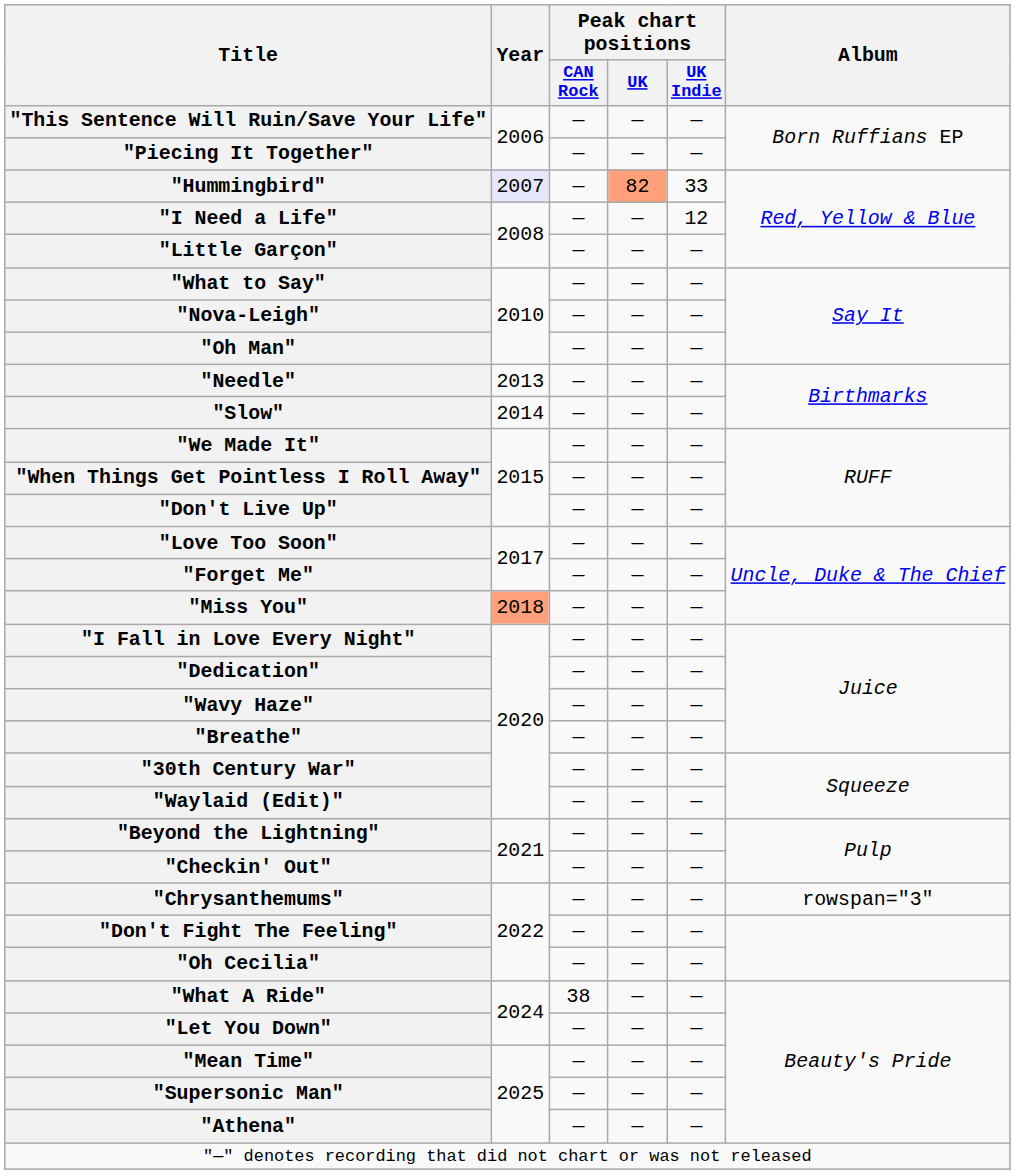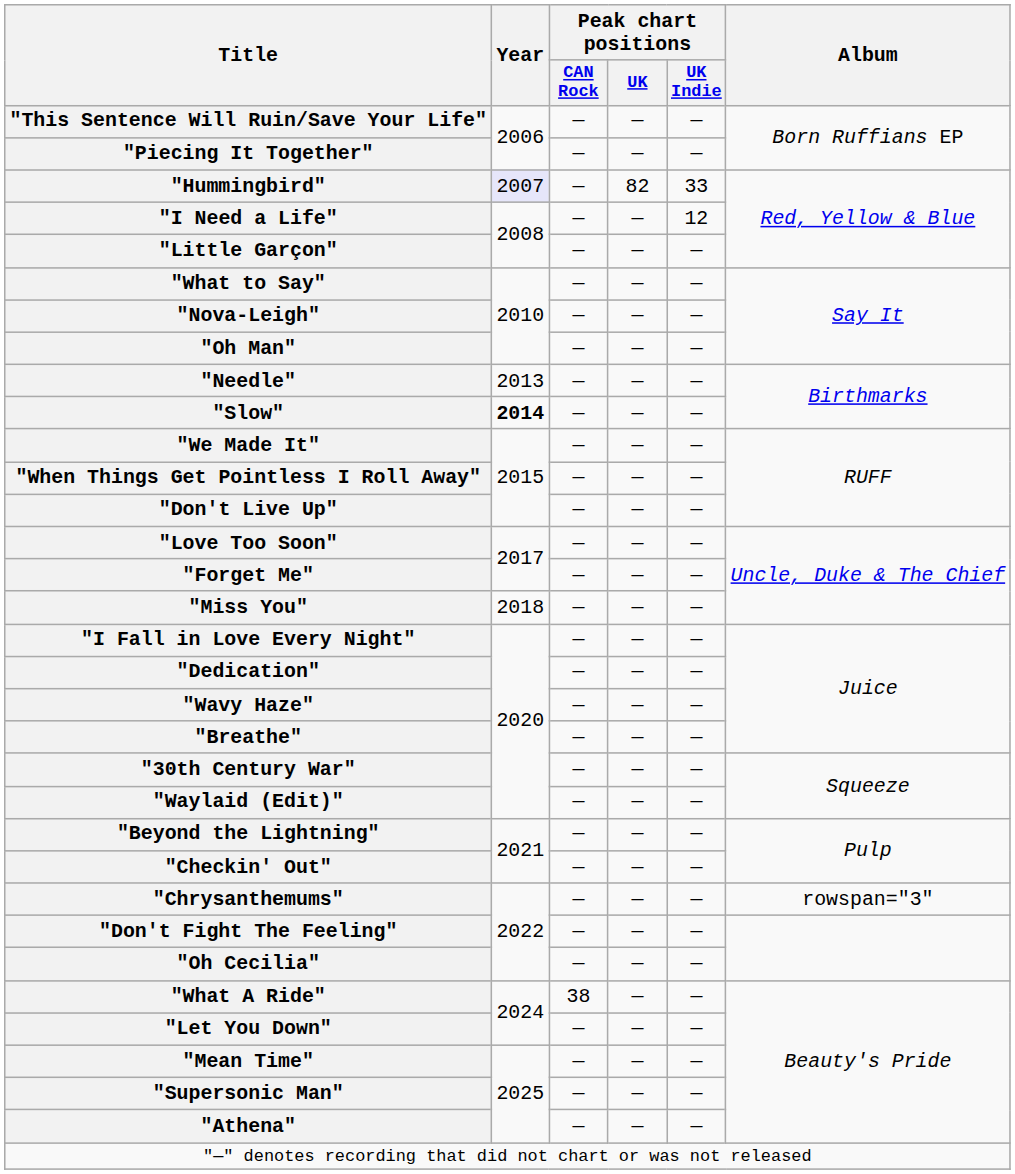 <table class="wikitable plainrowheaders" style="text-align:center;">
 <tr>
 <th scope="col" rowspan="2">Title</th>
 <th scope="col" rowspan="2">Year</th>
 <th scope="col" colspan="3">Peak chart positions</th>
 <th scope="col" rowspan="2">Album</th>
 </tr>
 <tr>
 <th scope="col" style="width:3em;font-size:85%;"><a href='#'>CAN<br>Rock</a><br></th>
 <th scope="col" style="width:3em;font-size:85%;"><a href='#'>UK</a><br></th>
 <th scope="col" style="width:3em;font-size:85%;"><a href='#'>UK<br>Indie</a><br></th>
 </tr>
 <tr>
 <th scope="row">"This Sentence Will Ruin/Save Your Life"</th>
 <td rowspan="2">2006</td>
 <td>—</td>
 <td>—</td>
 <td>—</td>
 <td rowspan="2"><em>Born Ruffians</em> EP</td>
 </tr>
 <tr>
 <th scope="row">"Piecing It Together"</th>
 <td>—</td>
 <td>—</td>
 <td>—</td>
 </tr>
 <tr>
 <th scope="row">"Hummingbird"</th>
 <td style="background: lavender;">2007</td>
 <td>—</td>
-<td style="background: lightsalmon;">82</td>
+<td>82</td>
 <td>33</td>
 <td rowspan="3"><em><a href='#'>Red, Yellow & Blue</a></em></td>
 </tr>
 <tr>
 <th scope="row">"I Need a Life"</th>
 <td rowspan="2">2008</td>
 <td>—</td>
 <td>—</td>
 <td>12</td>
 </tr>
 <tr>
 <th scope="row">"Little Garçon"</th>
 <td>—</td>
 <td>—</td>
 <td>—</td>
 </tr>
 <tr>
 <th scope="row">"What to Say"</th>
 <td rowspan="3">2010</td>
 <td>—</td>
 <td>—</td>
 <td>—</td>
 <td rowspan="3"><em><a href='#'>Say It</a></em></td>
 </tr>
 <tr>
 <th scope="row">"Nova-Leigh"</th>
 <td>—</td>
 <td>—</td>
 <td>—</td>
 </tr>
 <tr>
 <th scope="row">"Oh Man"</th>
 <td>—</td>
 <td>—</td>
 <td>—</td>
 </tr>
 <tr>
 <th scope="row">"Needle"</th>
 <td>2013</td>
 <td>—</td>
 <td>—</td>
 <td>—</td>
 <td rowspan="2"><em><a href='#'>Birthmarks</a></em></td>
 </tr>
 <tr>
 <th scope="row">"Slow"</th>
-<td>2014</td>
+<td><strong>2014</strong></td>
 <td>—</td>
 <td>—</td>
 <td>—</td>
 </tr>
 <tr>
 <th scope="row">"We Made It"</th>
 <td rowspan="3">2015</td>
 <td>—</td>
 <td>—</td>
 <td>—</td>
 <td rowspan="3"><em>RUFF</em></td>
 </tr>
 <tr>
 <th scope="row">"When Things Get Pointless I Roll Away"</th>
 <td>—</td>
 <td>—</td>
 <td>—</td>
 </tr>
 <tr>
 <th scope="row">"Don't Live Up"</th>
 <td>—</td>
 <td>—</td>
 <td>—</td>
 </tr>
 <tr>
 <th scope="row">"Love Too Soon"</th>
 <td rowspan="2">2017</td>
 <td>—</td>
 <td>—</td>
 <td>—</td>
 <td rowspan="3"><em><a href='#'>Uncle, Duke & The Chief</a></em></td>
 </tr>
 <tr>
 <th scope="row">"Forget Me"</th>
 <td>—</td>
 <td>—</td>
 <td>—</td>
 </tr>
 <tr>
 <th scope="row">"Miss You"</th>
-<td style="background: lightsalmon;">2018</td>
+<td>2018</td>
 <td>—</td>
 <td>—</td>
 <td>—</td>
 </tr>
 <tr>
 <th scope="row">"I Fall in Love Every Night"</th>
 <td rowspan="6">2020</td>
 <td>—</td>
 <td>—</td>
 <td>—</td>
 <td rowspan="4"><em>Juice</em></td>
 </tr>
 <tr>
 <th scope="row">"Dedication"</th>
 <td>—</td>
 <td>—</td>
 <td>—</td>
 </tr>
 <tr>
 <th scope="row">"Wavy Haze"</th>
 <td>—</td>
 <td>—</td>
 <td>—</td>
 </tr>
 <tr>
 <th scope="row">"Breathe"</th>
 <td>—</td>
 <td>—</td>
 <td>—</td>
 </tr>
 <tr>
 <th scope="row">"30th Century War"</th>
 <td>—</td>
 <td>—</td>
 <td>—</td>
 <td rowspan="2"><em>Squeeze</em></td>
 </tr>
 <tr>
 <th scope="row">"Waylaid (Edit)"</th>
 <td>—</td>
 <td>—</td>
 <td>—</td>
 </tr>
 <tr>
 <th scope="row">"Beyond the Lightning"</th>
 <td rowspan="2">2021</td>
 <td>—</td>
 <td>—</td>
 <td>—</td>
 <td rowspan="2"><em>Pulp</em></td>
 </tr>
 <tr>
 <th scope="row">"Checkin' Out"</th>
 <td>—</td>
 <td>—</td>
 <td>—</td>
 </tr>
 <tr>
 <th scope="row">"Chrysanthemums"</th>
 <td rowspan="3">2022</td>
 <td>—</td>
 <td>—</td>
 <td>—</td>
 <td>rowspan="3" </td>
 </tr>
 <tr>
 <th scope="row">"Don't Fight The Feeling"</th>
 <td>—</td>
 <td>—</td>
 <td>—</td>
 </tr>
 <tr>
 <th scope="row">"Oh Cecilia"</th>
 <td>—</td>
 <td>—</td>
 <td>—</td>
 </tr>
 <tr>
 <th scope="row">"What A Ride"</th>
 <td rowspan="2">2024</td>
 <td>38</td>
 <td>—</td>
 <td>—</td>
 <td rowspan="5"><em>Beauty's Pride</em></td>
 </tr>
 <tr>
 <th scope="row">"Let You Down"</th>
 <td>—</td>
 <td>—</td>
 <td>—</td>
 </tr>
 <tr>
 <th scope="row">"Mean Time"</th>
 <td rowspan="3">2025</td>
 <td>—</td>
 <td>—</td>
 <td>—</td>
 </tr>
 <tr>
 <th scope="row">"Supersonic Man"</th>
 <td>—</td>
 <td>—</td>
 <td>—</td>
 </tr>
 <tr>
 <th scope="row">"Athena"</th>
 <td>—</td>
 <td>—</td>
 <td>—</td>
 </tr>
 <tr>
 <td colspan="18" style="text-align:center; font-size:85%;">"—" denotes recording that did not chart or was not released</td>
 </tr>
 </table>
